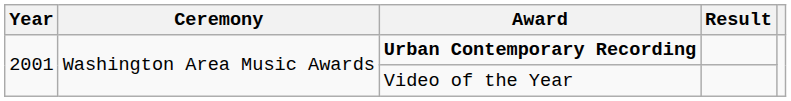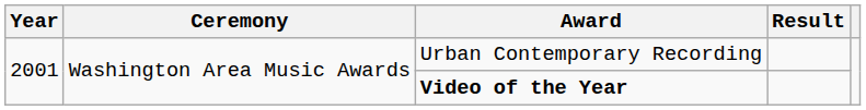 <table class="wikitable">
 <tr>
 <th>Year</th>
 <th>Ceremony</th>
 <th>Award</th>
 <th>Result</th>
 <th></th>
 </tr>
 <tr>
 <td rowspan="2">2001</td>
 <td rowspan="2">Washington Area Music Awards</td>
-<td><strong>Urban Contemporary Recording</strong></td>
+<td>Urban Contemporary Recording</td>
 <td></td>
 <td rowspan="2"></td>
 </tr>
 <tr>
-<td>Video of the Year</td>
+<td><strong>Video of the Year</strong></td>
 <td></td>
 </tr>
 </table>
